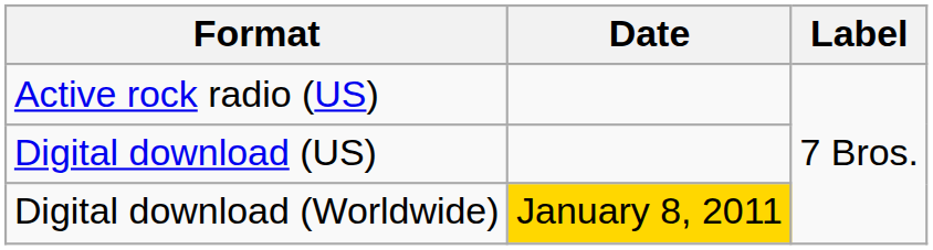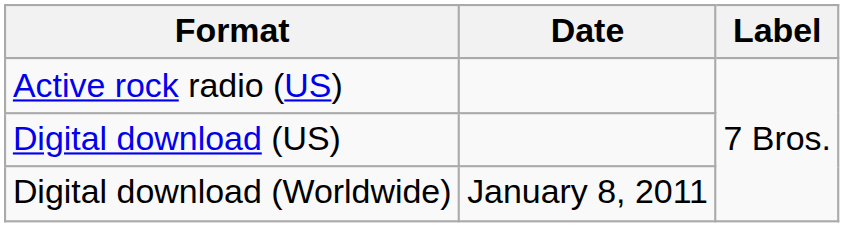 <table class="wikitable sortable">
 <tr>
 <th>Format</th>
 <th>Date</th>
 <th>Label</th>
 </tr>
 <tr>
 <td><a href='#'>Active rock</a> radio (<a href='#'>US</a>)</td>
 <td></td>
 <td style="text-align:center;" rowspan="3">7 Bros.</td>
 </tr>
 <tr>
 <td><a href='#'>Digital download</a> (US)</td>
 <td></td>
 </tr>
 <tr>
 <td>Digital download (Worldwide)</td>
-<td style="background: gold;">January 8, 2011</td>
+<td>January 8, 2011</td>
 </tr>
 </table>
